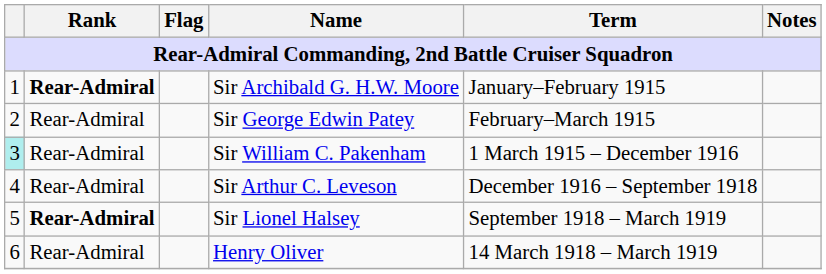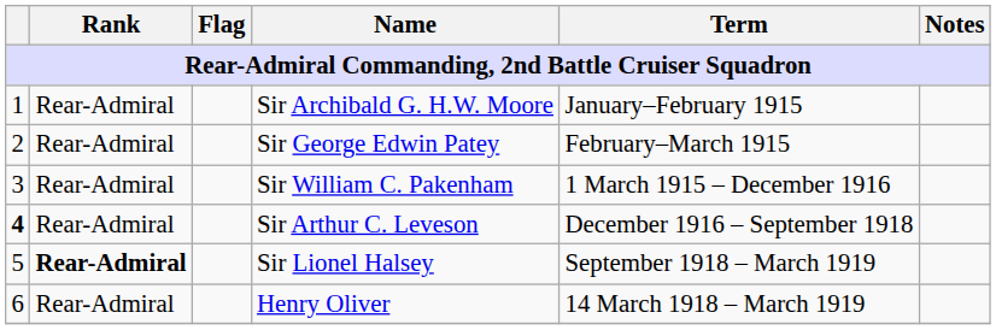 <table class="wikitable">
 <tr>
 <th></th>
 <th>Rank</th>
 <th>Flag</th>
 <th>Name</th>
 <th>Term</th>
 <th>Notes</th>
 </tr>
 <tr>
 <td colspan="6" align="center" style="background:#dcdcfe;"><strong>Rear-Admiral Commanding, 2nd Battle Cruiser Squadron</strong></td>
 </tr>
 <tr>
 <td>1</td>
-<td><strong>Rear-Admiral</strong></td>
+<td>Rear-Admiral</td>
 <td></td>
 <td>Sir <a href='#'>Archibald G. H.W. Moore</a></td>
 <td>January–February 1915</td>
 <td></td>
 </tr>
 <tr>
 <td>2</td>
 <td>Rear-Admiral</td>
 <td></td>
 <td>Sir <a href='#'>George Edwin Patey</a></td>
 <td>February–March 1915</td>
 <td></td>
 </tr>
 <tr>
-<td style="background: paleturquoise;">3</td>
+<td>3</td>
 <td>Rear-Admiral</td>
 <td></td>
 <td>Sir <a href='#'>William C. Pakenham</a></td>
 <td>1 March 1915 – December 1916</td>
 <td></td>
 </tr>
 <tr>
-<td>4</td>
+<td><strong>4</strong></td>
 <td>Rear-Admiral</td>
 <td></td>
 <td>Sir <a href='#'>Arthur C. Leveson</a></td>
 <td>December 1916 – September 1918</td>
 <td></td>
 </tr>
 <tr>
 <td>5</td>
 <td><strong>Rear-Admiral</strong></td>
 <td></td>
 <td>Sir <a href='#'>Lionel Halsey</a></td>
 <td>September 1918 – March 1919</td>
 <td></td>
 </tr>
 <tr>
 <td>6</td>
 <td>Rear-Admiral</td>
 <td></td>
 <td><a href='#'>Henry Oliver</a></td>
 <td>14 March 1918 – March 1919</td>
 <td></td>
 </tr>
 <tr>
 </tr>
 </table>
